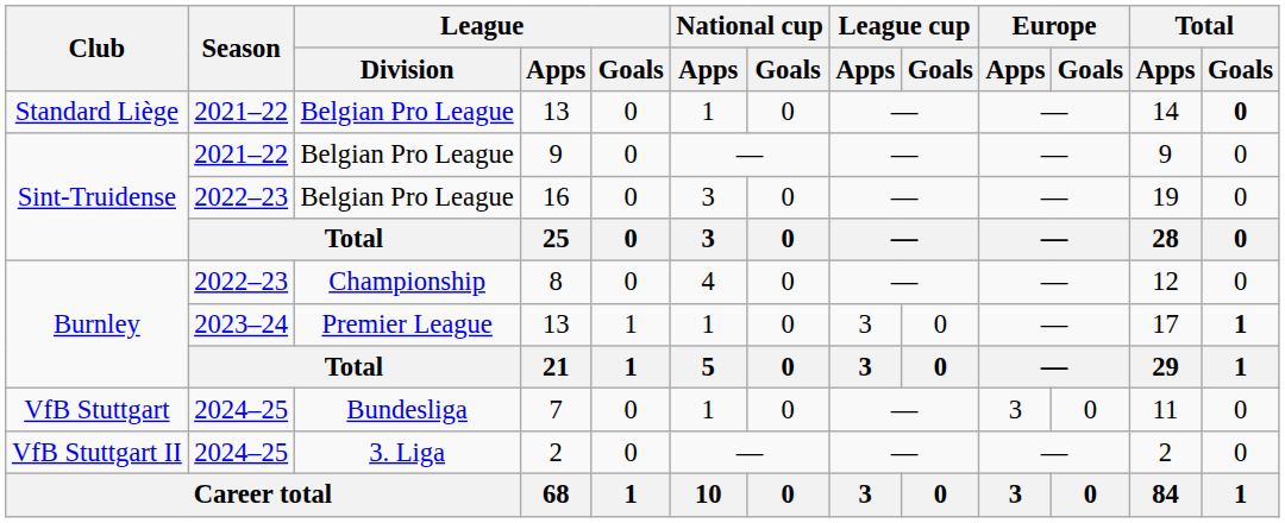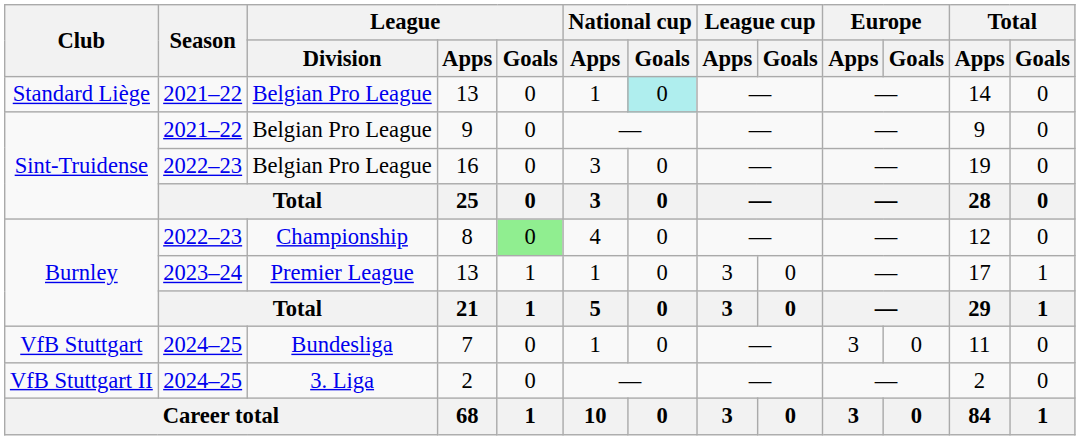 <table class="wikitable" style="text-align:center">
 <tr>
 <th rowspan="2">Club</th>
 <th rowspan="2">Season</th>
 <th colspan="3">League</th>
 <th colspan="2">National cup</th>
 <th colspan="2">League cup</th>
 <th colspan="2">Europe</th>
 <th colspan="2">Total</th>
 </tr>
 <tr>
 <th>Division</th>
 <th>Apps</th>
 <th>Goals</th>
 <th>Apps</th>
 <th>Goals</th>
 <th>Apps</th>
 <th>Goals</th>
 <th>Apps</th>
 <th>Goals</th>
 <th>Apps</th>
 <th>Goals</th>
 </tr>
 <tr>
 <td><a href='#'>Standard Liège</a></td>
 <td><a href='#'>2021–22</a></td>
 <td><a href='#'>Belgian Pro League</a></td>
 <td>13</td>
 <td>0</td>
 <td>1</td>
-<td>0</td>
+<td style="background: paleturquoise;">0</td>
 <td colspan="2">—</td>
 <td colspan="2">—</td>
 <td>14</td>
-<td><strong>0</strong></td>
+<td>0</td>
 </tr>
 <tr>
 <td rowspan="3"><a href='#'>Sint-Truidense</a></td>
 <td><a href='#'>2021–22</a></td>
 <td>Belgian Pro League</td>
 <td>9</td>
 <td>0</td>
 <td colspan="2">—</td>
 <td colspan="2">—</td>
 <td colspan="2">—</td>
 <td>9</td>
 <td>0</td>
 </tr>
 <tr>
 <td><a href='#'>2022–23</a></td>
 <td>Belgian Pro League</td>
 <td>16</td>
 <td>0</td>
 <td>3</td>
 <td>0</td>
 <td colspan="2">—</td>
 <td colspan="2">—</td>
 <td>19</td>
 <td>0</td>
 </tr>
 <tr>
 <th colspan="2">Total</th>
 <th>25</th>
 <th>0</th>
 <th>3</th>
 <th>0</th>
 <th colspan="2">—</th>
 <th colspan="2">—</th>
 <th>28</th>
 <th>0</th>
 </tr>
 <tr>
 <td rowspan="3"><a href='#'>Burnley</a></td>
 <td><a href='#'>2022–23</a></td>
 <td><a href='#'>Championship</a></td>
 <td>8</td>
-<td>0</td>
+<td style="background: lightgreen;">0</td>
 <td>4</td>
 <td>0</td>
 <td colspan="2">—</td>
 <td colspan="2">—</td>
 <td>12</td>
 <td>0</td>
 </tr>
 <tr>
 <td><a href='#'>2023–24</a></td>
 <td><a href='#'>Premier League</a></td>
 <td>13</td>
 <td>1</td>
 <td>1</td>
 <td>0</td>
 <td>3</td>
 <td>0</td>
 <td colspan="2">—</td>
 <td>17</td>
-<td><strong>1</strong></td>
+<td>1</td>
 </tr>
 <tr>
 <th colspan="2">Total</th>
 <th>21</th>
 <th>1</th>
 <th>5</th>
 <th>0</th>
 <th>3</th>
 <th>0</th>
 <th colspan="2">—</th>
 <th>29</th>
 <th>1</th>
 </tr>
 <tr>
 <td><a href='#'>VfB Stuttgart</a></td>
 <td><a href='#'>2024–25</a></td>
 <td><a href='#'>Bundesliga</a></td>
 <td>7</td>
 <td>0</td>
 <td>1</td>
 <td>0</td>
 <td colspan="2">—</td>
 <td>3</td>
 <td>0</td>
 <td>11</td>
 <td>0</td>
 </tr>
 <tr>
 <td><a href='#'>VfB Stuttgart II</a></td>
 <td><a href='#'>2024–25</a></td>
 <td><a href='#'>3. Liga</a></td>
 <td>2</td>
 <td>0</td>
 <td colspan="2">—</td>
 <td colspan="2">—</td>
 <td colspan="2">—</td>
 <td>2</td>
 <td>0</td>
 </tr>
 <tr>
 <th colspan="3">Career total</th>
 <th>68</th>
 <th>1</th>
 <th>10</th>
 <th>0</th>
 <th>3</th>
 <th>0</th>
 <th>3</th>
 <th>0</th>
 <th>84</th>
 <th>1</th>
 </tr>
 </table>
